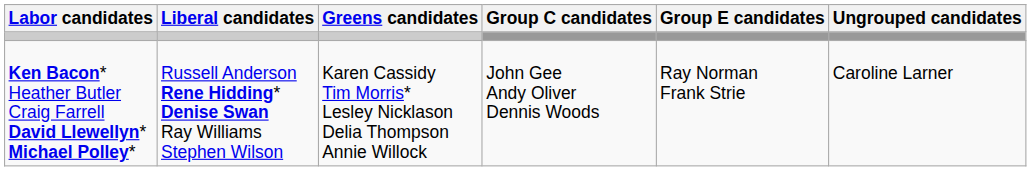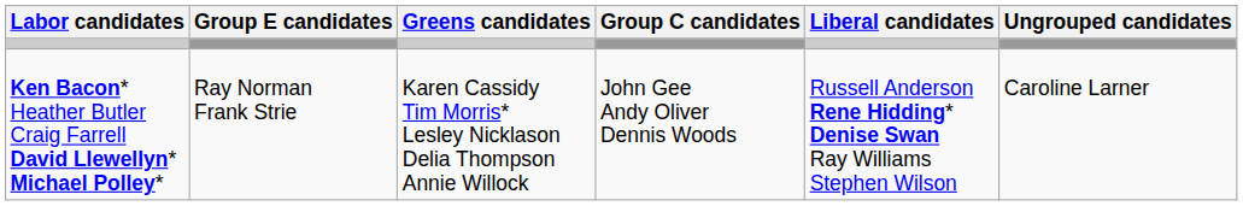 <table class="wikitable">
 <tr>
 <th><a href='#'>Labor</a> candidates</th>
-<th><a href='#'>Liberal</a> candidates</th>
+<th>Group E candidates</th>
 <th><a href='#'>Greens</a> candidates</th>
 <th>Group C candidates</th>
-<th>Group E candidates</th>
+<th><a href='#'>Liberal</a> candidates</th>
 <th>Ungrouped candidates</th>
 </tr>
 <tr bgcolor="#cccccc">
 <td></td>
-<td></td>
+<td bgcolor="#999999"></td>
 <td></td>
 <td bgcolor="#999999"></td>
-<td bgcolor="#999999"></td>
+<td></td>
 <td bgcolor="#999999"></td>
 </tr>
 <tr>
 <td><br><strong><a href='#'>Ken Bacon</a></strong>*<br> <a href='#'>Heather Butler</a><br> <a href='#'>Craig Farrell</a><br> <strong><a href='#'>David Llewellyn</a></strong>*<br> <strong><a href='#'>Michael Polley</a></strong>*</td>
-<td><br><a href='#'>Russell Anderson</a><br> <strong><a href='#'>Rene Hidding</a></strong>*<br> <strong><a href='#'>Denise Swan</a></strong><br> Ray Williams<br> <a href='#'>Stephen Wilson</a></td>
+<td valign=top><br>Ray Norman<br> Frank Strie</td>
 <td><br>Karen Cassidy<br> <a href='#'>Tim Morris</a>*<br> Lesley Nicklason<br> Delia Thompson<br> Annie Willock</td>
 <td valign=top><br>John Gee<br> Andy Oliver<br> Dennis Woods</td>
-<td valign=top><br>Ray Norman<br> Frank Strie</td>
+<td><br><a href='#'>Russell Anderson</a><br> <strong><a href='#'>Rene Hidding</a></strong>*<br> <strong><a href='#'>Denise Swan</a></strong><br> Ray Williams<br> <a href='#'>Stephen Wilson</a></td>
 <td valign=top><br>Caroline Larner</td>
 </tr>
 </table>
